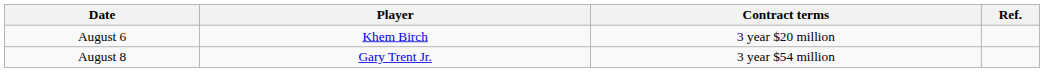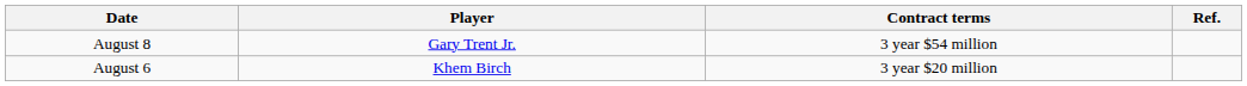 <table class="wikitable sortable sortable" style="text-align: center">
 <tr>
 <th width="5%">Date</th>
 <th width="10%">Player</th>
 <th width="10%">Contract terms</th>
 <th class="unsortable" width="1%">Ref.</th>
 </tr>
 <tr>
+<td>August 8</td>
+<td><a href='#'>Gary Trent Jr.</a></td>
+<td>3 year $54 million</td>
+<td></td>
+</tr>
+<tr>
 <td>August 6</td>
 <td><a href='#'>Khem Birch</a></td>
 <td>3 year $20 million</td>
 <td></td>
 </tr>
-<tr>
-<td>August 8</td>
-<td><a href='#'>Gary Trent Jr.</a></td>
-<td>3 year $54 million</td>
-<td></td>
-</tr>
 </table>
